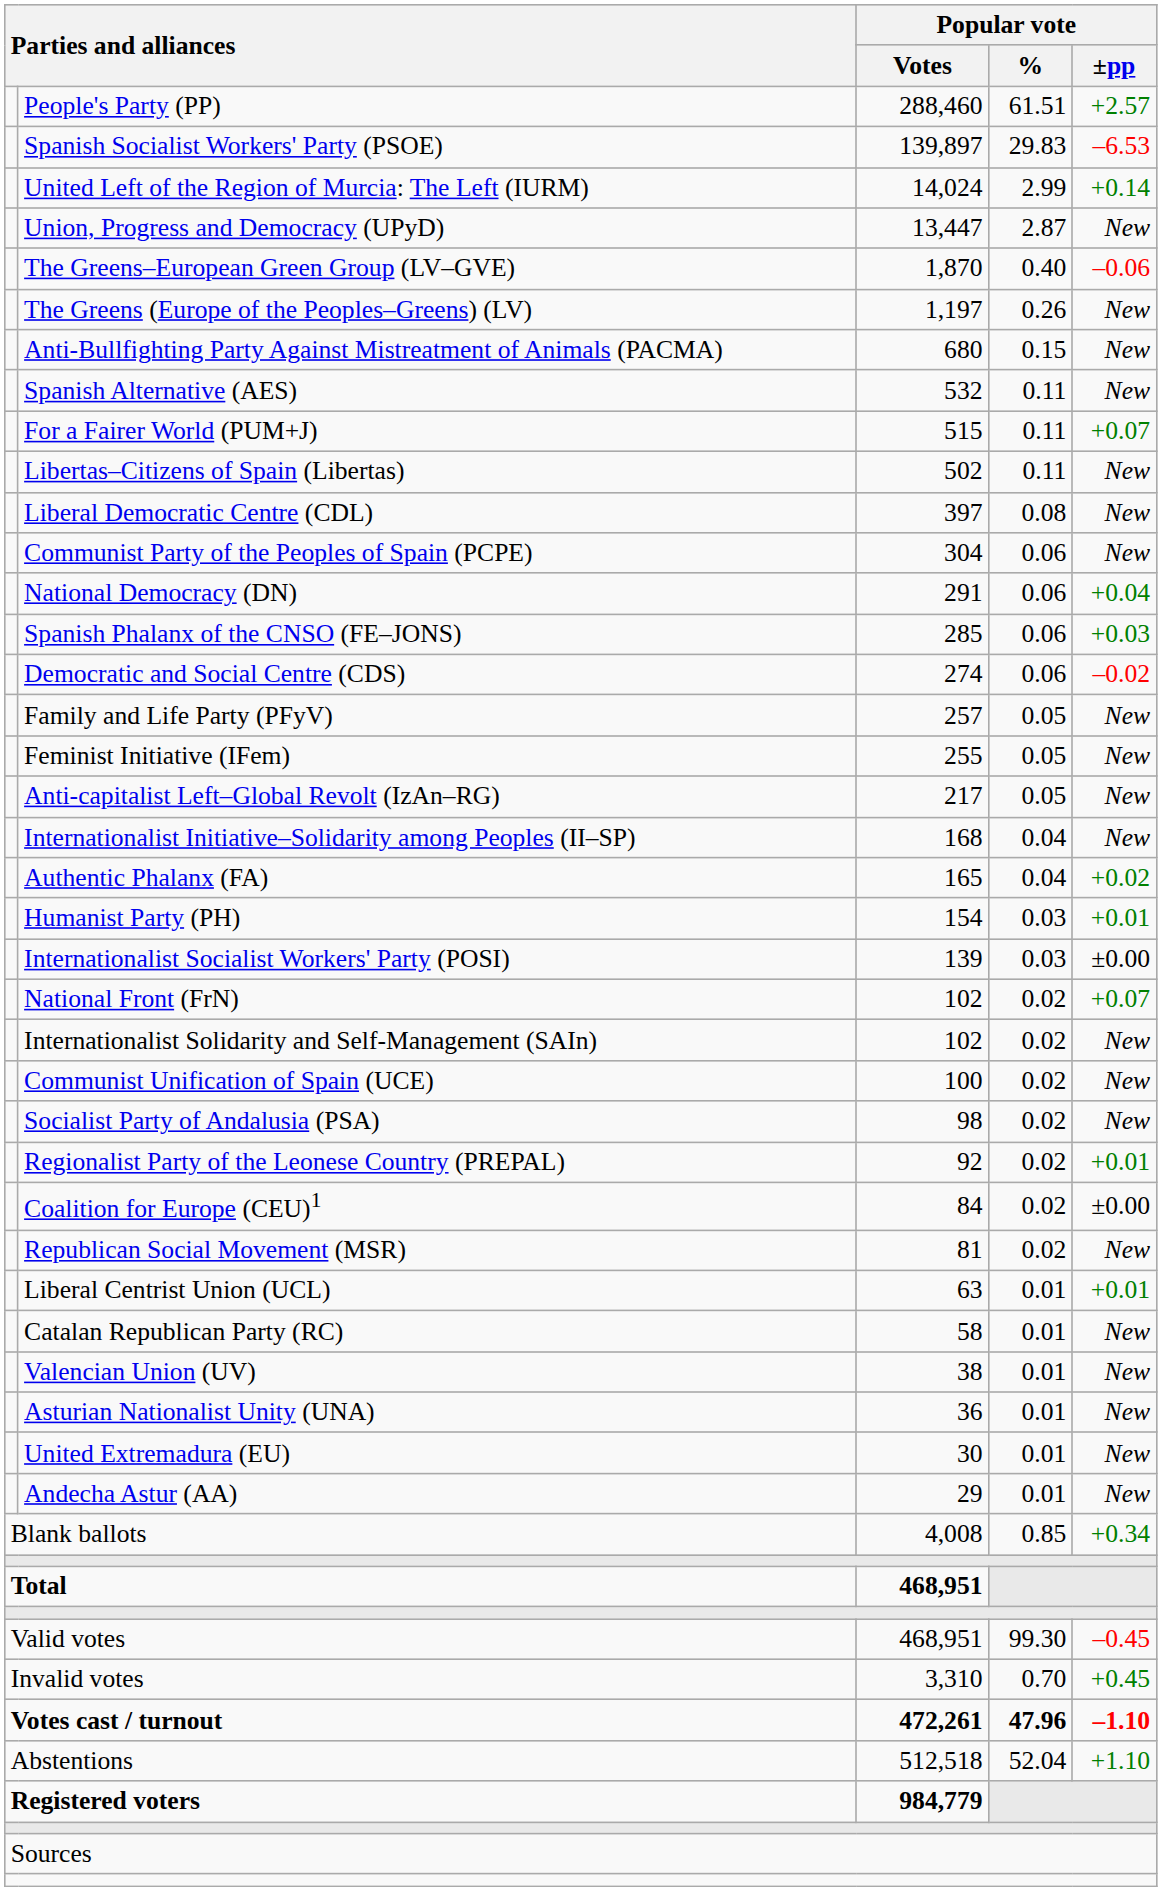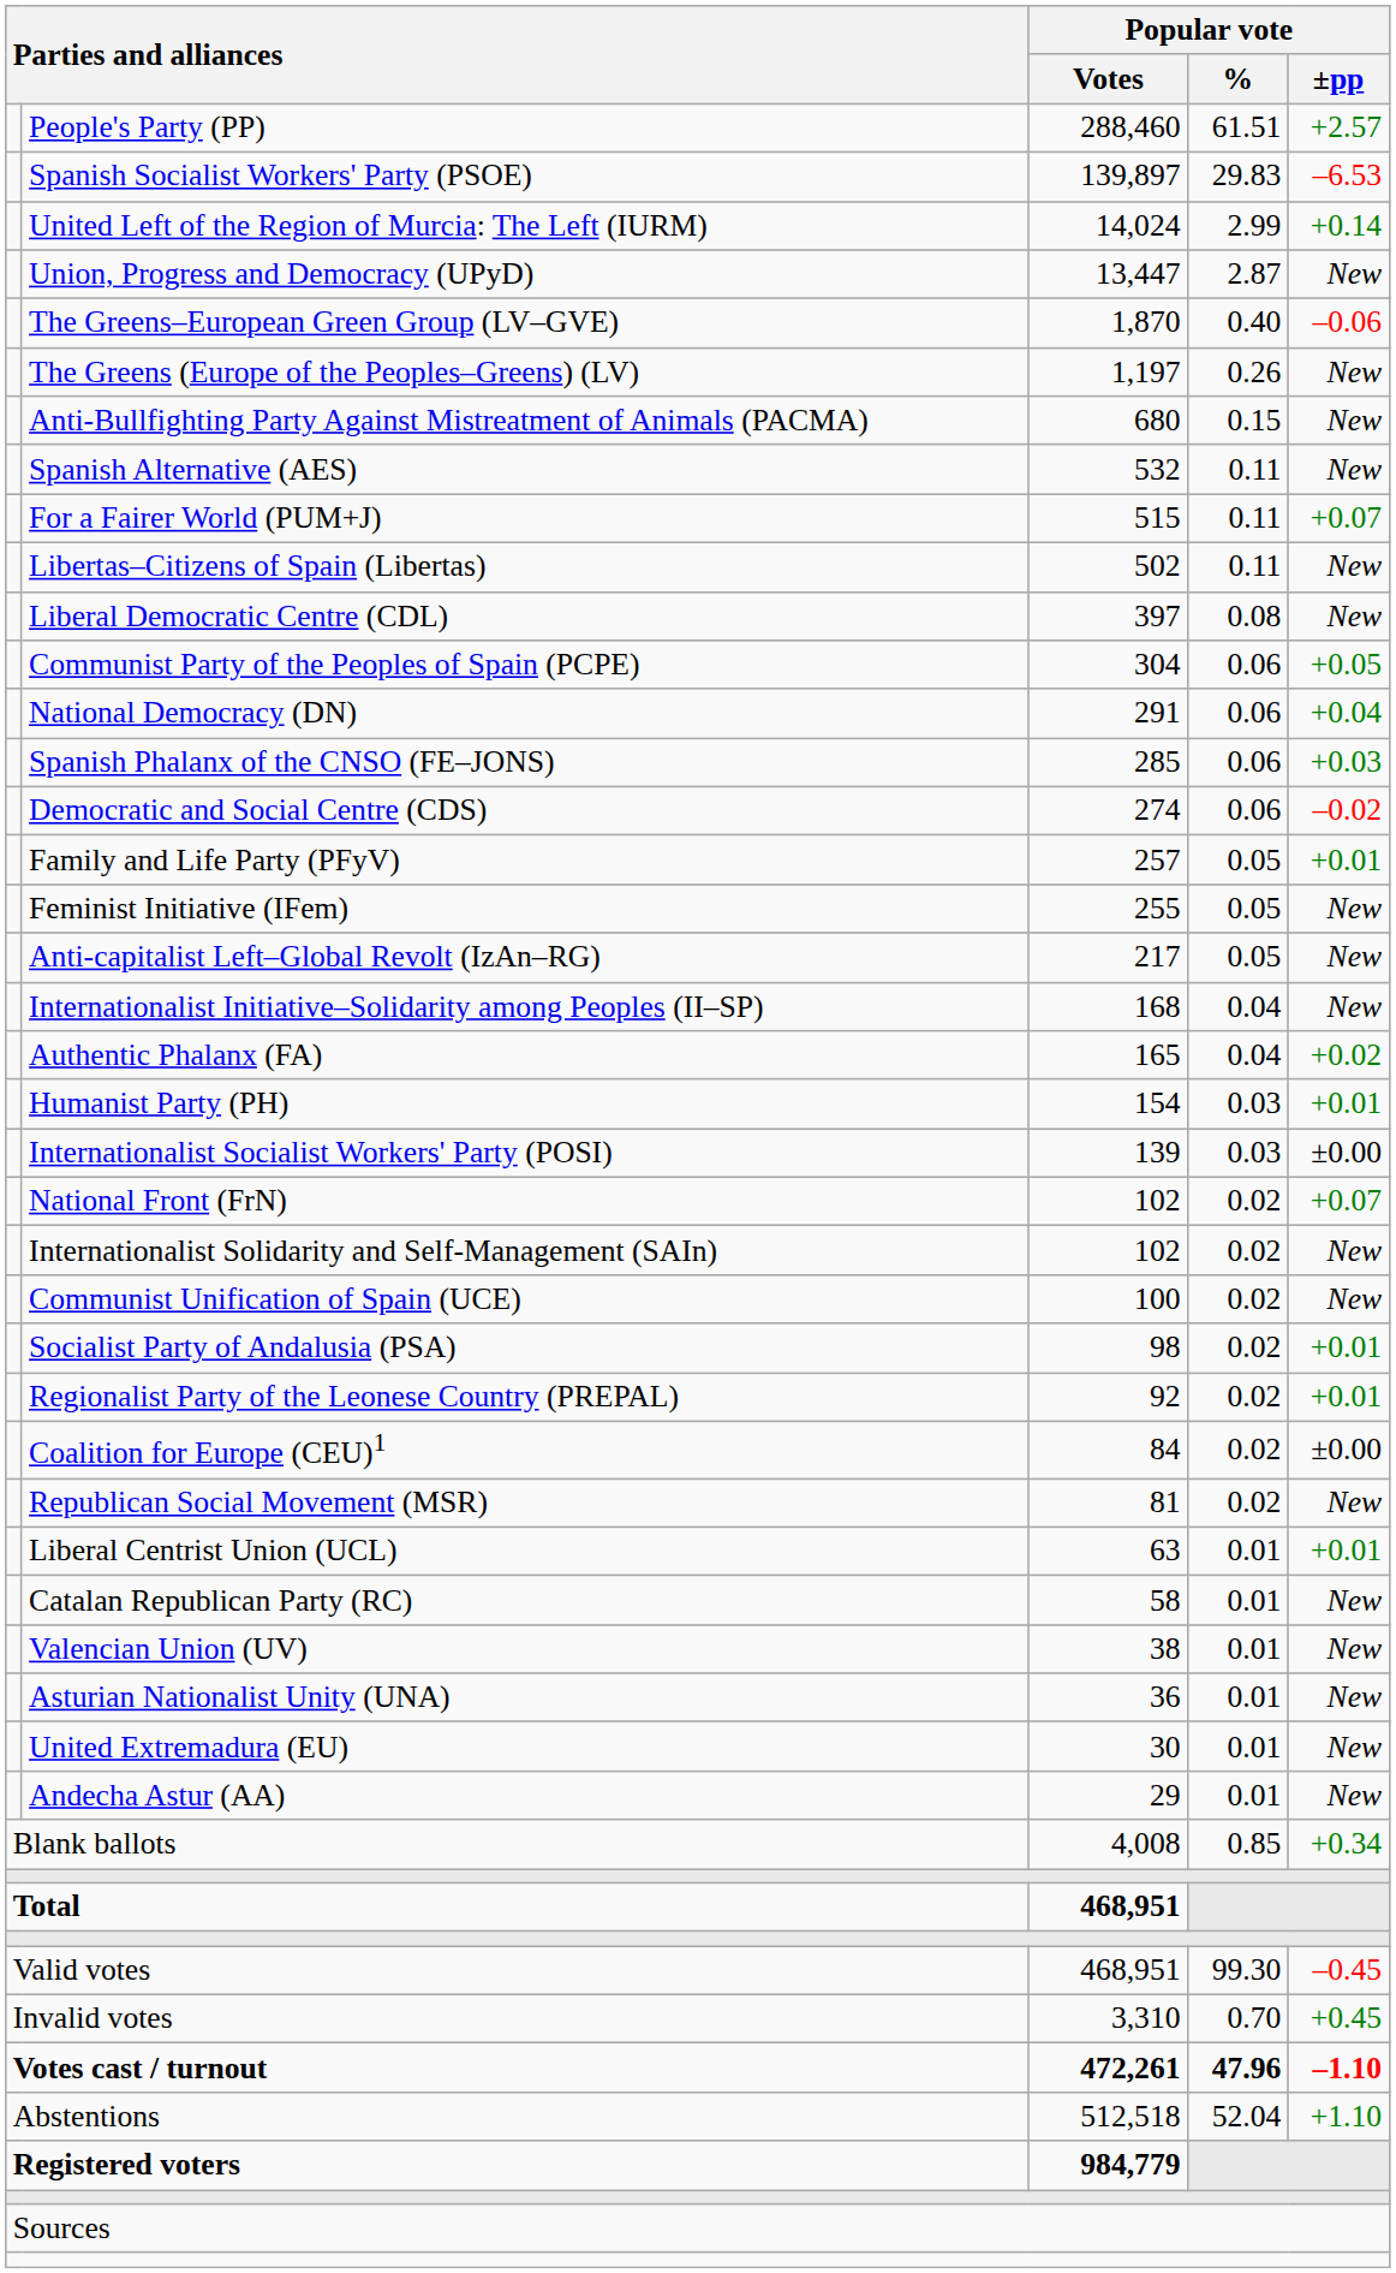 <table class="wikitable" style="text-align:right">
 <tr>
 <th style="text-align:left;" rowspan="2" colspan="2" width="525">Parties and alliances</th>
 <th colspan="3">Popular vote</th>
 </tr>
 <tr>
 <th width="75">Votes</th>
 <th width="45">%</th>
 <th width="45">±<a href='#'>pp</a></th>
 </tr>
 <tr>
 <td width="1" style="color:inherit;background:"></td>
 <td align="left"><a href='#'>People's Party</a> (PP)</td>
 <td>288,460</td>
 <td>61.51</td>
 <td style="color:green;">+2.57</td>
 </tr>
 <tr>
 <td style="color:inherit;background:"></td>
 <td align="left"><a href='#'>Spanish Socialist Workers' Party</a> (PSOE)</td>
 <td>139,897</td>
 <td>29.83</td>
 <td style="color:red;">–6.53</td>
 </tr>
 <tr>
 <td style="color:inherit;background:"></td>
 <td align="left"><a href='#'>United Left of the Region of Murcia</a>: <a href='#'>The Left</a> (IURM)</td>
 <td>14,024</td>
 <td>2.99</td>
 <td style="color:green;">+0.14</td>
 </tr>
 <tr>
 <td style="color:inherit;background:"></td>
 <td align="left"><a href='#'>Union, Progress and Democracy</a> (UPyD)</td>
 <td>13,447</td>
 <td>2.87</td>
 <td><em>New</em></td>
 </tr>
 <tr>
 <td style="color:inherit;background:"></td>
 <td align="left"><a href='#'>The Greens–European Green Group</a> (LV–GVE)</td>
 <td>1,870</td>
 <td>0.40</td>
 <td style="color:red;">–0.06</td>
 </tr>
 <tr>
 <td style="color:inherit;background:"></td>
 <td align="left"><a href='#'>The Greens</a> (<a href='#'>Europe of the Peoples–Greens</a>) (LV)</td>
 <td>1,197</td>
 <td>0.26</td>
 <td><em>New</em></td>
 </tr>
 <tr>
 <td style="color:inherit;background:"></td>
 <td align="left"><a href='#'>Anti-Bullfighting Party Against Mistreatment of Animals</a> (PACMA)</td>
 <td>680</td>
 <td>0.15</td>
 <td><em>New</em></td>
 </tr>
 <tr>
 <td style="color:inherit;background:"></td>
 <td align="left"><a href='#'>Spanish Alternative</a> (AES)</td>
 <td>532</td>
 <td>0.11</td>
 <td><em>New</em></td>
 </tr>
 <tr>
 <td style="color:inherit;background:"></td>
 <td align="left"><a href='#'>For a Fairer World</a> (PUM+J)</td>
 <td>515</td>
 <td>0.11</td>
 <td style="color:green;">+0.07</td>
 </tr>
 <tr>
 <td style="color:inherit;background:"></td>
 <td align="left"><a href='#'>Libertas–Citizens of Spain</a> (Libertas)</td>
 <td>502</td>
 <td>0.11</td>
 <td><em>New</em></td>
 </tr>
 <tr>
 <td style="color:inherit;background:"></td>
 <td align="left"><a href='#'>Liberal Democratic Centre</a> (CDL)</td>
 <td>397</td>
 <td>0.08</td>
 <td><em>New</em></td>
 </tr>
 <tr>
 <td style="color:inherit;background:"></td>
 <td align="left"><a href='#'>Communist Party of the Peoples of Spain</a> (PCPE)</td>
 <td>304</td>
 <td>0.06</td>
-<td><em>New</em></td>
+<td style="color:green;">+0.05</td>
 </tr>
 <tr>
 <td style="color:inherit;background:"></td>
 <td align="left"><a href='#'>National Democracy</a> (DN)</td>
 <td>291</td>
 <td>0.06</td>
 <td style="color:green;">+0.04</td>
 </tr>
 <tr>
 <td style="color:inherit;background:"></td>
 <td align="left"><a href='#'>Spanish Phalanx of the CNSO</a> (FE–JONS)</td>
 <td>285</td>
 <td>0.06</td>
 <td style="color:green;">+0.03</td>
 </tr>
 <tr>
 <td style="color:inherit;background:"></td>
 <td align="left"><a href='#'>Democratic and Social Centre</a> (CDS)</td>
 <td>274</td>
 <td>0.06</td>
 <td style="color:red;">–0.02</td>
 </tr>
 <tr>
 <td style="color:inherit;background:"></td>
 <td align="left">Family and Life Party (PFyV)</td>
 <td>257</td>
 <td>0.05</td>
-<td><em>New</em></td>
+<td style="color:green;">+0.01</td>
 </tr>
 <tr>
 <td style="color:inherit;background:"></td>
 <td align="left">Feminist Initiative (IFem)</td>
 <td>255</td>
 <td>0.05</td>
 <td><em>New</em></td>
 </tr>
 <tr>
 <td style="color:inherit;background:"></td>
 <td align="left"><a href='#'>Anti-capitalist Left–Global Revolt</a> (IzAn–RG)</td>
 <td>217</td>
 <td>0.05</td>
 <td><em>New</em></td>
 </tr>
 <tr>
 <td style="color:inherit;background:"></td>
 <td align="left"><a href='#'>Internationalist Initiative–Solidarity among Peoples</a> (II–SP)</td>
 <td>168</td>
 <td>0.04</td>
 <td><em>New</em></td>
 </tr>
 <tr>
 <td style="color:inherit;background:"></td>
 <td align="left"><a href='#'>Authentic Phalanx</a> (FA)</td>
 <td>165</td>
 <td>0.04</td>
 <td style="color:green;">+0.02</td>
 </tr>
 <tr>
 <td style="color:inherit;background:"></td>
 <td align="left"><a href='#'>Humanist Party</a> (PH)</td>
 <td>154</td>
 <td>0.03</td>
 <td style="color:green;">+0.01</td>
 </tr>
 <tr>
 <td style="color:inherit;background:"></td>
 <td align="left"><a href='#'>Internationalist Socialist Workers' Party</a> (POSI)</td>
 <td>139</td>
 <td>0.03</td>
 <td>±0.00</td>
 </tr>
 <tr>
 <td style="color:inherit;background:"></td>
 <td align="left"><a href='#'>National Front</a> (FrN)</td>
 <td>102</td>
 <td>0.02</td>
 <td style="color:green;">+0.07</td>
 </tr>
 <tr>
 <td style="color:inherit;background:"></td>
 <td align="left">Internationalist Solidarity and Self-Management (SAIn)</td>
 <td>102</td>
 <td>0.02</td>
 <td><em>New</em></td>
 </tr>
 <tr>
 <td style="color:inherit;background:"></td>
 <td align="left"><a href='#'>Communist Unification of Spain</a> (UCE)</td>
 <td>100</td>
 <td>0.02</td>
 <td><em>New</em></td>
 </tr>
 <tr>
 <td style="color:inherit;background:"></td>
 <td align="left"><a href='#'>Socialist Party of Andalusia</a> (PSA)</td>
 <td>98</td>
 <td>0.02</td>
-<td><em>New</em></td>
+<td style="color:green;">+0.01</td>
 </tr>
 <tr>
 <td style="color:inherit;background:"></td>
 <td align="left"><a href='#'>Regionalist Party of the Leonese Country</a> (PREPAL)</td>
 <td>92</td>
 <td>0.02</td>
 <td style="color:green;">+0.01</td>
 </tr>
 <tr>
 <td style="color:inherit;background:"></td>
 <td align="left"><a href='#'>Coalition for Europe</a> (CEU)<sup>1</sup></td>
 <td>84</td>
 <td>0.02</td>
 <td>±0.00</td>
 </tr>
 <tr>
 <td style="color:inherit;background:"></td>
 <td align="left"><a href='#'>Republican Social Movement</a> (MSR)</td>
 <td>81</td>
 <td>0.02</td>
 <td><em>New</em></td>
 </tr>
 <tr>
 <td style="color:inherit;background:"></td>
 <td align="left">Liberal Centrist Union (UCL)</td>
 <td>63</td>
 <td>0.01</td>
 <td style="color:green;">+0.01</td>
 </tr>
 <tr>
 <td style="color:inherit;background:"></td>
 <td align="left">Catalan Republican Party (RC)</td>
 <td>58</td>
 <td>0.01</td>
 <td><em>New</em></td>
 </tr>
 <tr>
 <td style="color:inherit;background:"></td>
 <td align="left"><a href='#'>Valencian Union</a> (UV)</td>
 <td>38</td>
 <td>0.01</td>
 <td><em>New</em></td>
 </tr>
 <tr>
 <td style="color:inherit;background:"></td>
 <td align="left"><a href='#'>Asturian Nationalist Unity</a> (UNA)</td>
 <td>36</td>
 <td>0.01</td>
 <td><em>New</em></td>
 </tr>
 <tr>
 <td style="color:inherit;background:"></td>
 <td align="left"><a href='#'>United Extremadura</a> (EU)</td>
 <td>30</td>
 <td>0.01</td>
 <td><em>New</em></td>
 </tr>
 <tr>
 <td style="color:inherit;background:"></td>
 <td align="left"><a href='#'>Andecha Astur</a> (AA)</td>
 <td>29</td>
 <td>0.01</td>
 <td><em>New</em></td>
 </tr>
 <tr>
 <td align="left" colspan="2">Blank ballots</td>
 <td>4,008</td>
 <td>0.85</td>
 <td style="color:green;">+0.34</td>
 </tr>
 <tr>
 <td colspan="5" bgcolor="#E9E9E9"></td>
 </tr>
 <tr style="font-weight:bold;">
 <td align="left" colspan="2">Total</td>
 <td>468,951</td>
 <td bgcolor="#E9E9E9" colspan="2"></td>
 </tr>
 <tr>
 <td colspan="5" bgcolor="#E9E9E9"></td>
 </tr>
 <tr>
 <td align="left" colspan="2">Valid votes</td>
 <td>468,951</td>
 <td>99.30</td>
 <td style="color:red;">–0.45</td>
 </tr>
 <tr>
 <td align="left" colspan="2">Invalid votes</td>
 <td>3,310</td>
 <td>0.70</td>
 <td style="color:green;">+0.45</td>
 </tr>
 <tr style="font-weight:bold;">
 <td align="left" colspan="2">Votes cast / turnout</td>
 <td>472,261</td>
 <td>47.96</td>
 <td style="color:red;">–1.10</td>
 </tr>
 <tr>
 <td align="left" colspan="2">Abstentions</td>
 <td>512,518</td>
 <td>52.04</td>
 <td style="color:green;">+1.10</td>
 </tr>
 <tr style="font-weight:bold;">
 <td align="left" colspan="2">Registered voters</td>
 <td>984,779</td>
 <td bgcolor="#E9E9E9" colspan="2"></td>
 </tr>
 <tr>
 <td colspan="5" bgcolor="#E9E9E9"></td>
 </tr>
 <tr>
 <td align="left" colspan="5">Sources</td>
 </tr>
 <tr>
 <td colspan="5" style="text-align:left; max-width:680px;"></td>
 </tr>
 </table>
